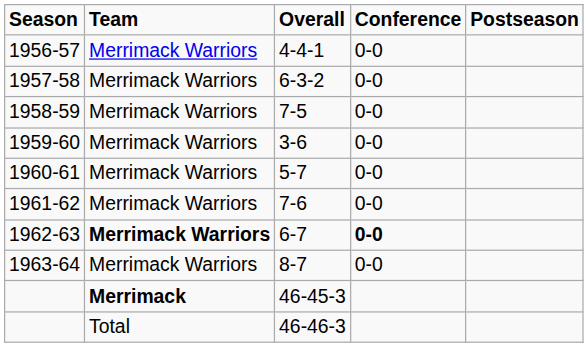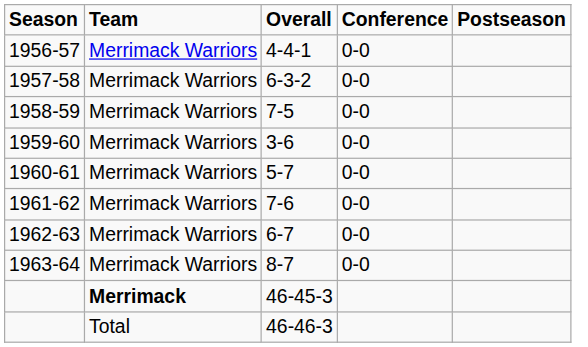 <table class="wikitable">
 <tr>
 <td><strong>Season</strong></td>
 <td><strong>Team</strong></td>
 <td><strong>Overall</strong></td>
 <td><strong>Conference</strong></td>
 <td><strong>Postseason</strong></td>
 </tr>
 <tr>
 <td>1956-57</td>
 <td><a href='#'>Merrimack Warriors</a></td>
 <td>4-4-1</td>
 <td>0-0</td>
 <td></td>
 </tr>
 <tr>
 <td>1957-58</td>
 <td>Merrimack Warriors</td>
 <td>6-3-2</td>
 <td>0-0</td>
 <td></td>
 </tr>
 <tr>
 <td>1958-59</td>
 <td>Merrimack Warriors</td>
 <td>7-5</td>
 <td>0-0</td>
 <td></td>
 </tr>
 <tr>
 <td>1959-60</td>
 <td>Merrimack Warriors</td>
 <td>3-6</td>
 <td>0-0</td>
 <td></td>
 </tr>
 <tr>
 <td>1960-61</td>
 <td>Merrimack Warriors</td>
 <td>5-7</td>
 <td>0-0</td>
 <td></td>
 </tr>
 <tr>
 <td>1961-62</td>
 <td>Merrimack Warriors</td>
 <td>7-6</td>
 <td>0-0</td>
 <td></td>
 </tr>
 <tr>
 <td>1962-63</td>
-<td><strong>Merrimack Warriors</strong></td>
+<td>Merrimack Warriors</td>
 <td>6-7</td>
-<td><strong>0-0</strong></td>
+<td>0-0</td>
 <td></td>
 </tr>
 <tr>
 <td>1963-64</td>
 <td>Merrimack Warriors</td>
 <td>8-7</td>
 <td>0-0</td>
 <td></td>
 </tr>
 <tr>
 <td></td>
 <td><strong>Merrimack</strong></td>
 <td>46-45-3</td>
 <td></td>
 <td></td>
 </tr>
 <tr>
 <td></td>
 <td>Total</td>
 <td>46-46-3</td>
 <td></td>
 </tr>
 </table>
